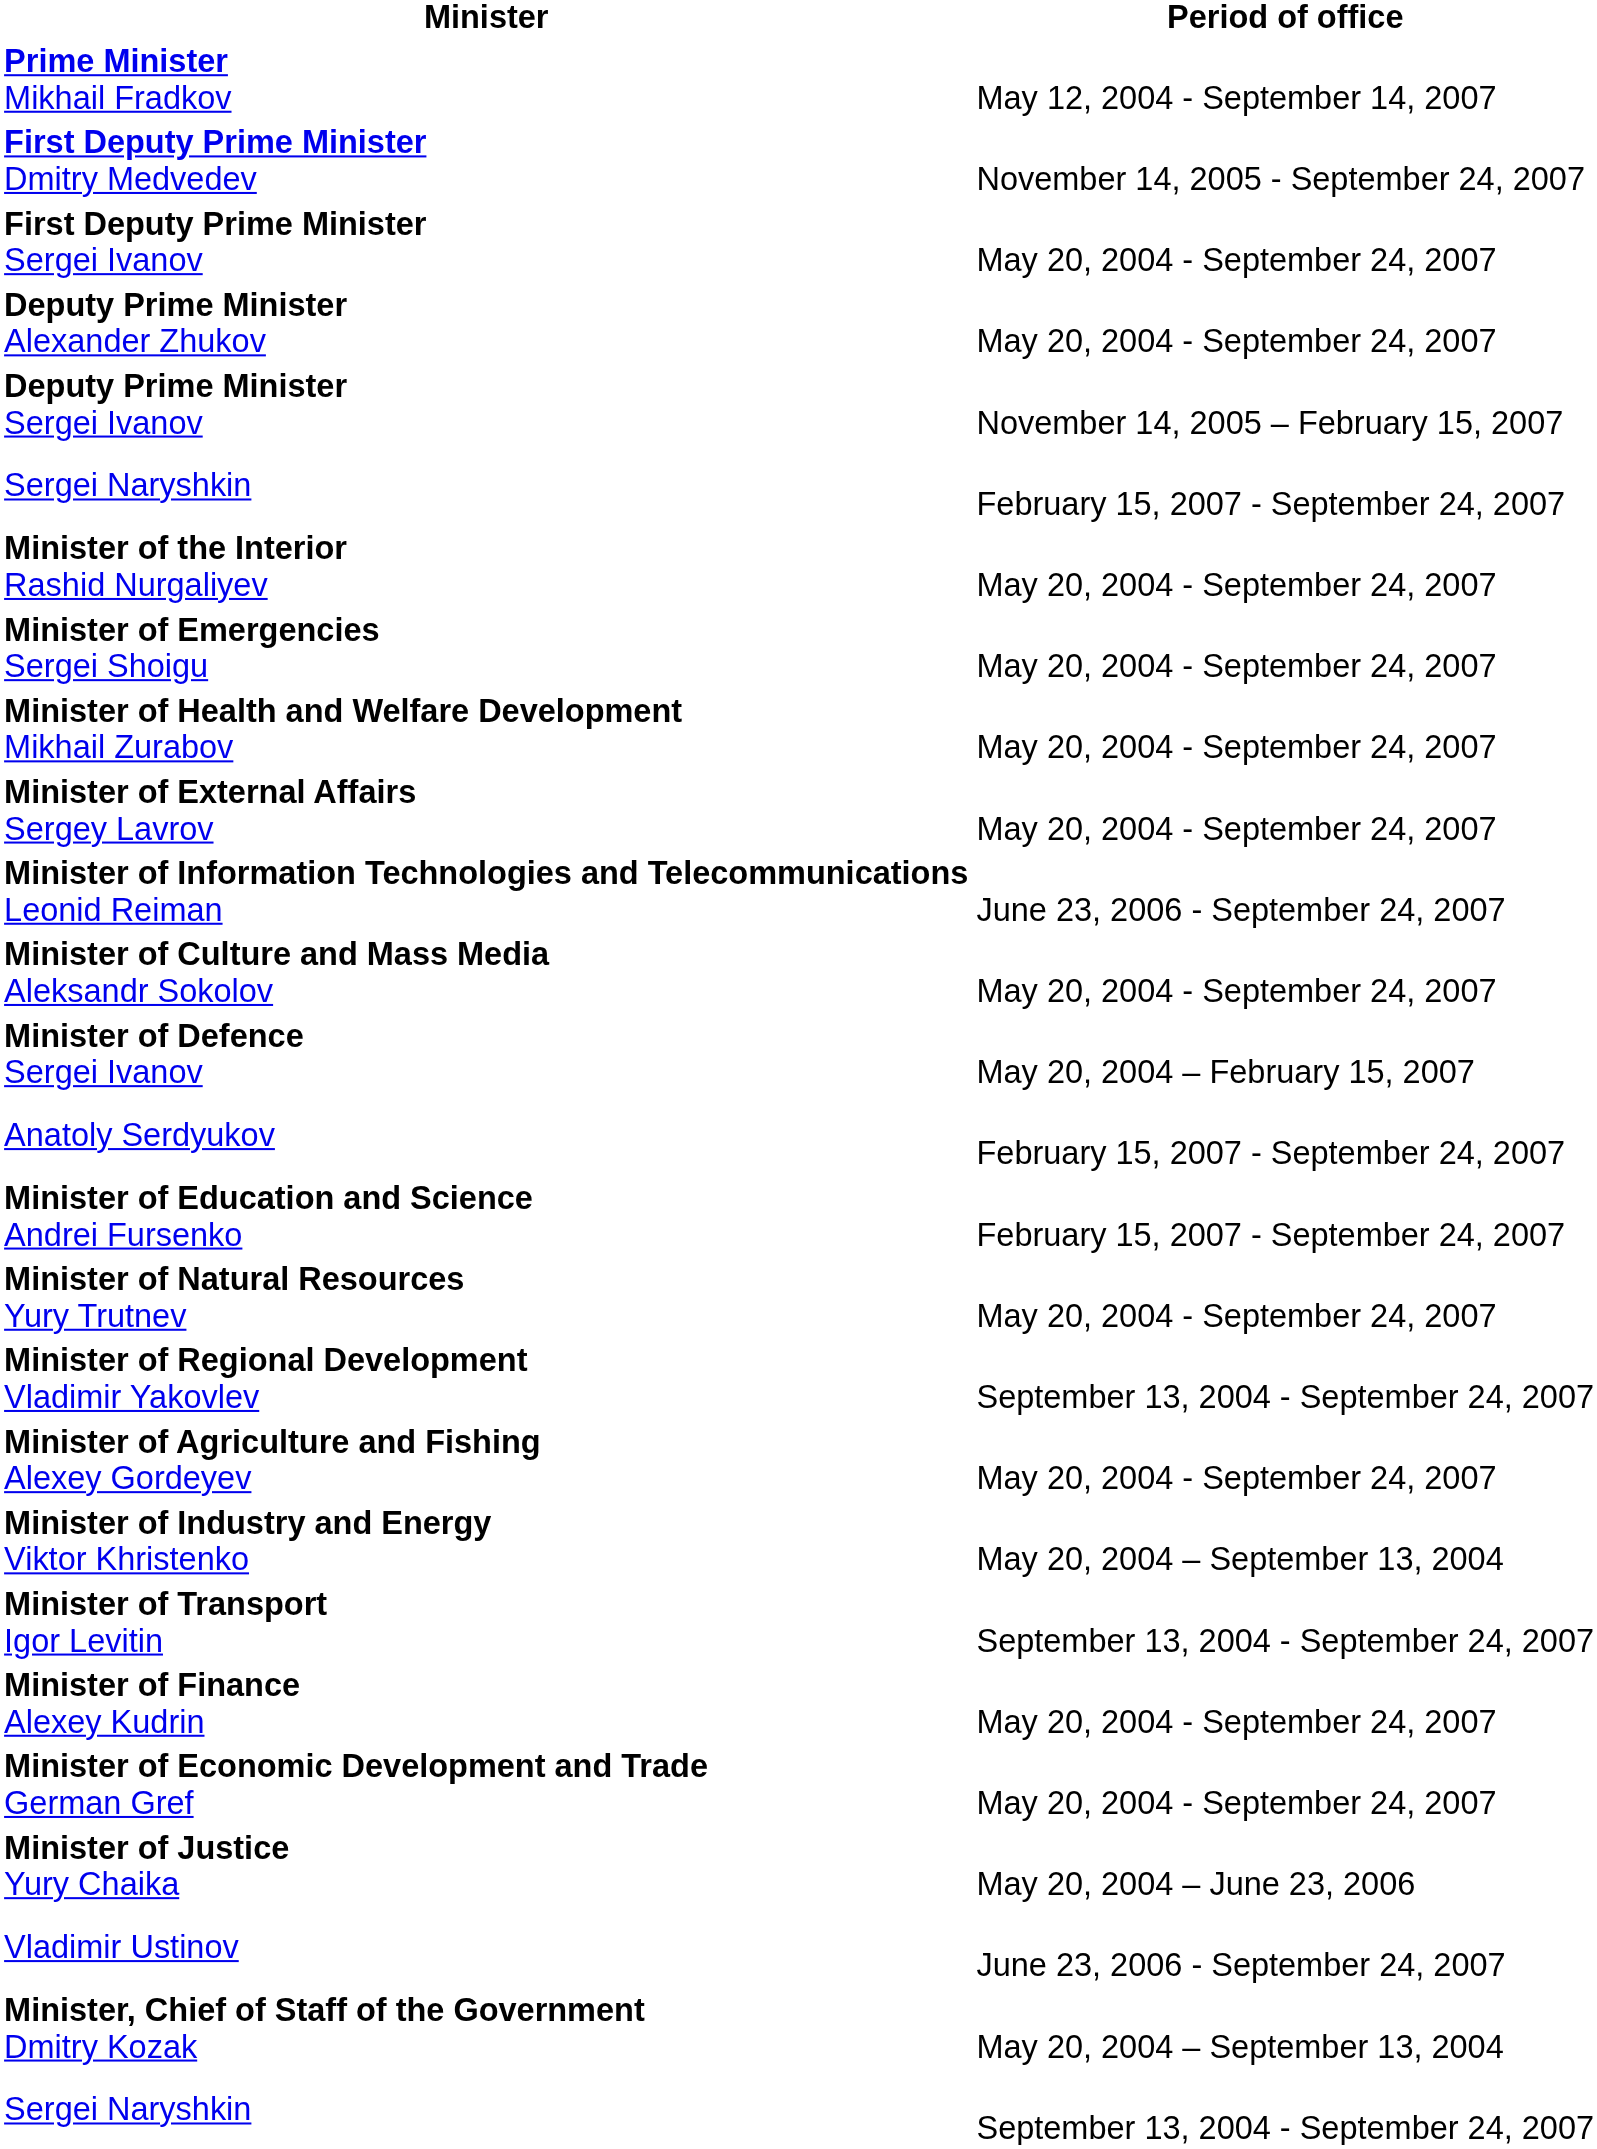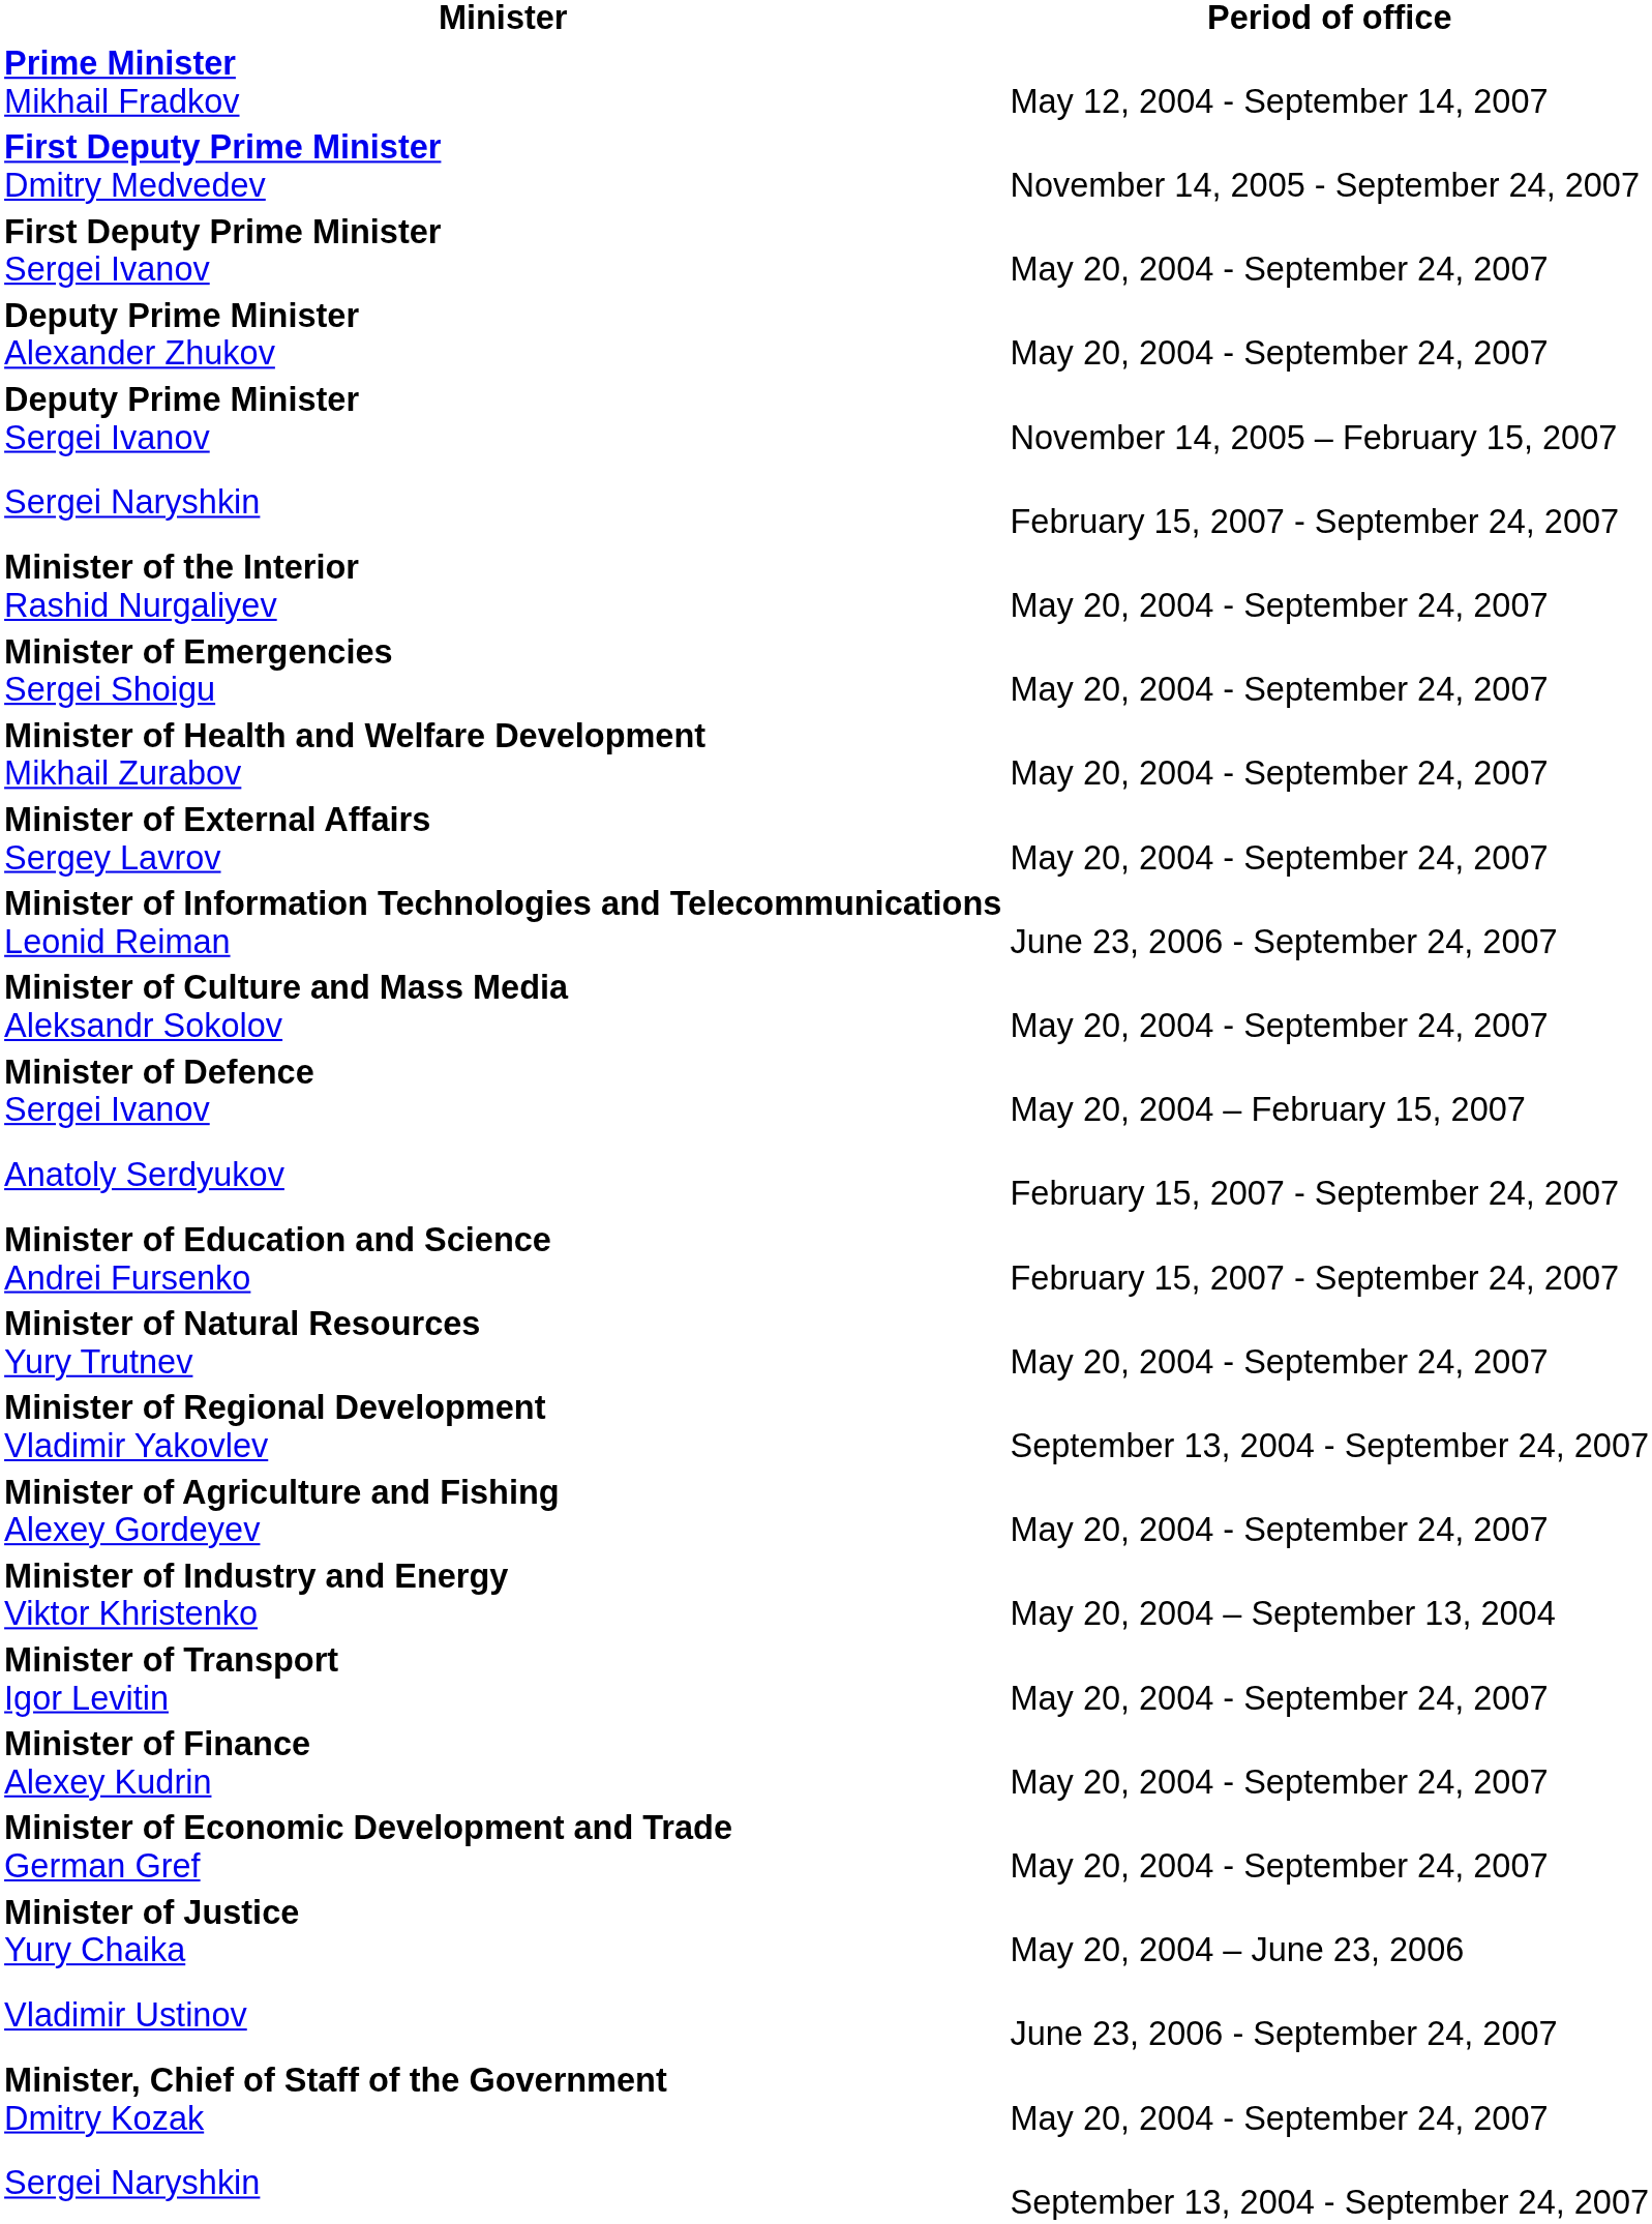 <table>
 <tr>
 <th>Minister</th>
 <th>Period of office</th>
 </tr>
 <tr>
 <td><strong><a href='#'>Prime Minister</a></strong><br><a href='#'>Mikhail Fradkov</a></td>
 <td><br>May 12, 2004 - September 14, 2007</td>
 </tr>
 <tr>
 <td><strong><a href='#'>First Deputy Prime Minister</a></strong><br><a href='#'>Dmitry Medvedev</a></td>
 <td><br>November 14, 2005 - September 24, 2007</td>
 </tr>
 <tr>
 <td><strong>First Deputy Prime Minister</strong><br><a href='#'>Sergei Ivanov</a></td>
 <td><br>May 20, 2004 - September 24, 2007</td>
 </tr>
 <tr>
 <td><strong>Deputy Prime Minister</strong><br><a href='#'>Alexander Zhukov</a></td>
 <td><br>May 20, 2004 - September 24, 2007</td>
 </tr>
 <tr>
 <td><strong>Deputy Prime Minister</strong><br><a href='#'>Sergei Ivanov</a></td>
 <td><br>November 14, 2005 – February 15, 2007</td>
 </tr>
 <tr>
 <td><a href='#'>Sergei Naryshkin</a></td>
 <td><br>February 15, 2007 - September 24, 2007</td>
 </tr>
 <tr>
 <td><strong>Minister of the Interior</strong><br><a href='#'>Rashid Nurgaliyev</a></td>
 <td><br>May 20, 2004 - September 24, 2007</td>
 </tr>
 <tr>
 <td><strong>Minister of Emergencies</strong><br><a href='#'>Sergei Shoigu</a></td>
 <td><br>May 20, 2004 - September 24, 2007</td>
 </tr>
 <tr>
 <td><strong>Minister of Health and Welfare Development</strong><br><a href='#'>Mikhail Zurabov</a></td>
 <td><br>May 20, 2004 - September 24, 2007</td>
 </tr>
 <tr>
 <td><strong>Minister of External Affairs</strong><br><a href='#'>Sergey Lavrov</a></td>
 <td><br>May 20, 2004 - September 24, 2007</td>
 </tr>
 <tr>
 <td><strong>Minister of Information Technologies and Telecommunications</strong><br><a href='#'>Leonid Reiman</a></td>
 <td><br>June 23, 2006 - September 24, 2007</td>
 </tr>
 <tr>
 <td><strong>Minister of Culture and Mass Media</strong><br><a href='#'>Aleksandr Sokolov</a></td>
 <td><br>May 20, 2004 - September 24, 2007</td>
 </tr>
 <tr>
 <td><strong>Minister of Defence</strong><br><a href='#'>Sergei Ivanov</a></td>
 <td><br>May 20, 2004 – February 15, 2007</td>
 </tr>
 <tr>
 <td><a href='#'>Anatoly Serdyukov</a></td>
 <td><br>February 15, 2007 - September 24, 2007</td>
 </tr>
 <tr>
 <td><strong>Minister of Education and Science</strong><br><a href='#'>Andrei Fursenko</a></td>
 <td><br>February 15, 2007 - September 24, 2007</td>
 </tr>
 <tr>
 <td><strong>Minister of Natural Resources</strong><br><a href='#'>Yury Trutnev</a></td>
 <td><br>May 20, 2004 - September 24, 2007</td>
 </tr>
 <tr>
 <td><strong>Minister of Regional Development</strong><br><a href='#'>Vladimir Yakovlev</a></td>
 <td><br>September 13, 2004 - September 24, 2007</td>
 </tr>
 <tr>
 <td><strong>Minister of Agriculture and Fishing</strong><br><a href='#'>Alexey Gordeyev</a></td>
 <td><br>May 20, 2004 - September 24, 2007</td>
 </tr>
 <tr>
 <td><strong>Minister of Industry and Energy</strong><br><a href='#'>Viktor Khristenko</a></td>
 <td><br>May 20, 2004 – September 13, 2004</td>
 </tr>
 <tr>
 <td><strong>Minister of Transport</strong><br><a href='#'>Igor Levitin</a></td>
-<td><br>September 13, 2004 - September 24, 2007</td>
+<td><br>May 20, 2004 - September 24, 2007</td>
 </tr>
 <tr>
 <td><strong>Minister of Finance</strong><br><a href='#'>Alexey Kudrin</a></td>
 <td><br>May 20, 2004 - September 24, 2007</td>
 </tr>
 <tr>
 <td><strong>Minister of Economic Development and Trade</strong><br><a href='#'>German Gref</a></td>
 <td><br>May 20, 2004 - September 24, 2007</td>
 </tr>
 <tr>
 <td><strong>Minister of Justice</strong><br><a href='#'>Yury Chaika</a></td>
 <td><br>May 20, 2004 – June 23, 2006</td>
 </tr>
 <tr>
 <td><a href='#'>Vladimir Ustinov</a></td>
 <td><br>June 23, 2006 - September 24, 2007</td>
 </tr>
 <tr>
 <td><strong>Minister, Chief of Staff of the Government</strong><br><a href='#'>Dmitry Kozak</a></td>
-<td><br>May 20, 2004 – September 13, 2004</td>
+<td><br>May 20, 2004 - September 24, 2007</td>
 </tr>
 <tr>
 <td><a href='#'>Sergei Naryshkin</a></td>
 <td><br>September 13, 2004 - September 24, 2007</td>
 </tr>
 </table>
